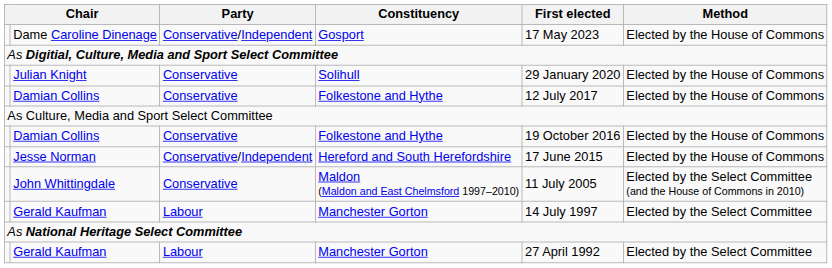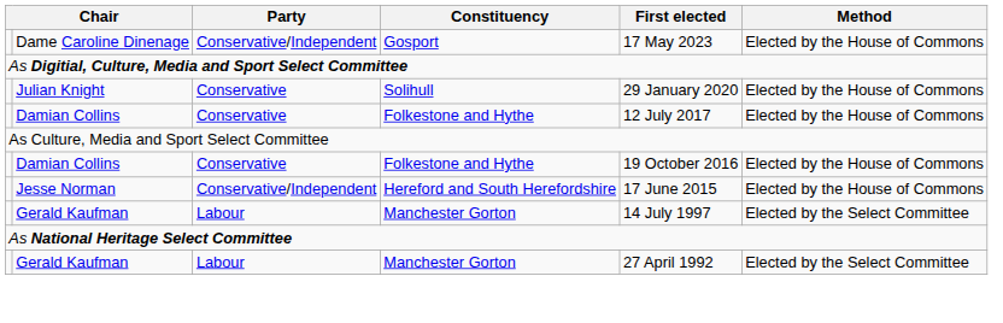 <table class="wikitable">
 <tr>
 <th colspan="2">Chair</th>
 <th>Party</th>
 <th>Constituency</th>
 <th>First elected</th>
 <th>Method</th>
 </tr>
 <tr>
 <td style="color:inherit;background-color: "></td>
 <td>Dame  <a href='#'>Caroline Dinenage</a></td>
 <td><a href='#'>Conservative</a>/<a href='#'>Independent</a></td>
 <td><a href='#'>Gosport</a></td>
 <td>17 May 2023</td>
 <td>Elected by the House of Commons</td>
 </tr>
 <tr>
 <td colspan="6"><em>As <strong>Digitial, Culture, Media and Sport Select Committee<strong><em></td>
 </tr>
 <tr>
 <td style="color:inherit;background-color: "></td>
 <td><a href='#'>Julian Knight</a></td>
 <td><a href='#'>Conservative</a></td>
 <td><a href='#'>Solihull</a></td>
 <td>29 January 2020</td>
 <td>Elected by the House of Commons</td>
 </tr>
 <tr>
 <td style="color:inherit;background-color: "></td>
 <td><a href='#'>Damian Collins</a></td>
 <td><a href='#'>Conservative</a></td>
 <td><a href='#'>Folkestone and Hythe</a></td>
 <td>12 July 2017</td>
 <td>Elected by the House of Commons</td>
 </tr>
 <tr>
 <td colspan="6"></em>As </strong>Culture, Media and Sport Select Committee</em></strong></td>
 </tr>
 <tr>
 <td style="color:inherit;background-color: "></td>
 <td><a href='#'>Damian Collins</a></td>
 <td><a href='#'>Conservative</a></td>
 <td><a href='#'>Folkestone and Hythe</a></td>
 <td>19 October 2016</td>
 <td>Elected by the House of Commons</td>
 </tr>
 <tr>
 <td style="color:inherit;background-color: "></td>
 <td><a href='#'>Jesse Norman</a></td>
 <td><a href='#'>Conservative</a>/<a href='#'>Independent</a></td>
 <td><a href='#'>Hereford and South Herefordshire</a></td>
 <td>17 June 2015</td>
 <td>Elected by the House of Commons</td>
 </tr>
 <tr>
 <td style="color:inherit;background-color: "></td>
-<td><a href='#'>John Whittingdale</a></td>
-<td><a href='#'>Conservative</a></td>
-<td><a href='#'>Maldon</a><br><small>(<a href='#'>Maldon and East Chelmsford</a> 1997–2010)</small></td>
-<td>11 July 2005</td>
-<td>Elected by the Select Committee<br><small>(and the House of Commons in 2010)</small></td>
-</tr>
-<tr>
-<td style="color:inherit;background-color: "></td>
 <td><a href='#'>Gerald Kaufman</a></td>
 <td><a href='#'>Labour</a></td>
 <td><a href='#'>Manchester Gorton</a></td>
 <td>14 July 1997</td>
 <td>Elected by the Select Committee</td>
 </tr>
 <tr>
 <td colspan="6"><em>As <strong>National Heritage Select Committee<strong><em></td>
 </tr>
 <tr>
 <td style="color:inherit;background-color: "></td>
 <td><a href='#'>Gerald Kaufman</a></td>
 <td><a href='#'>Labour</a></td>
 <td><a href='#'>Manchester Gorton</a></td>
 <td>27 April 1992</td>
 <td>Elected by the Select Committee</td>
 </tr>
 </table>
